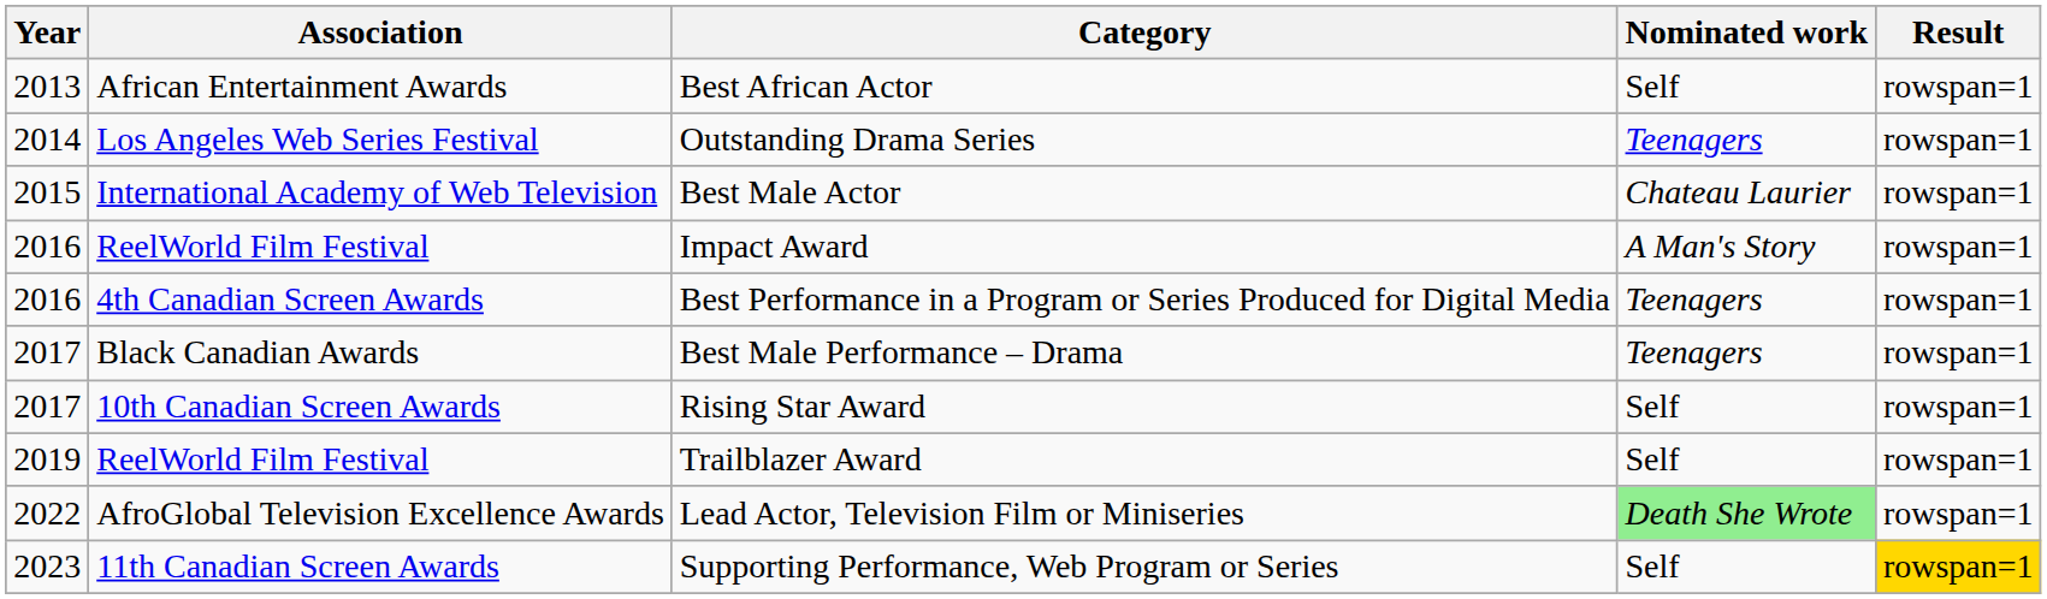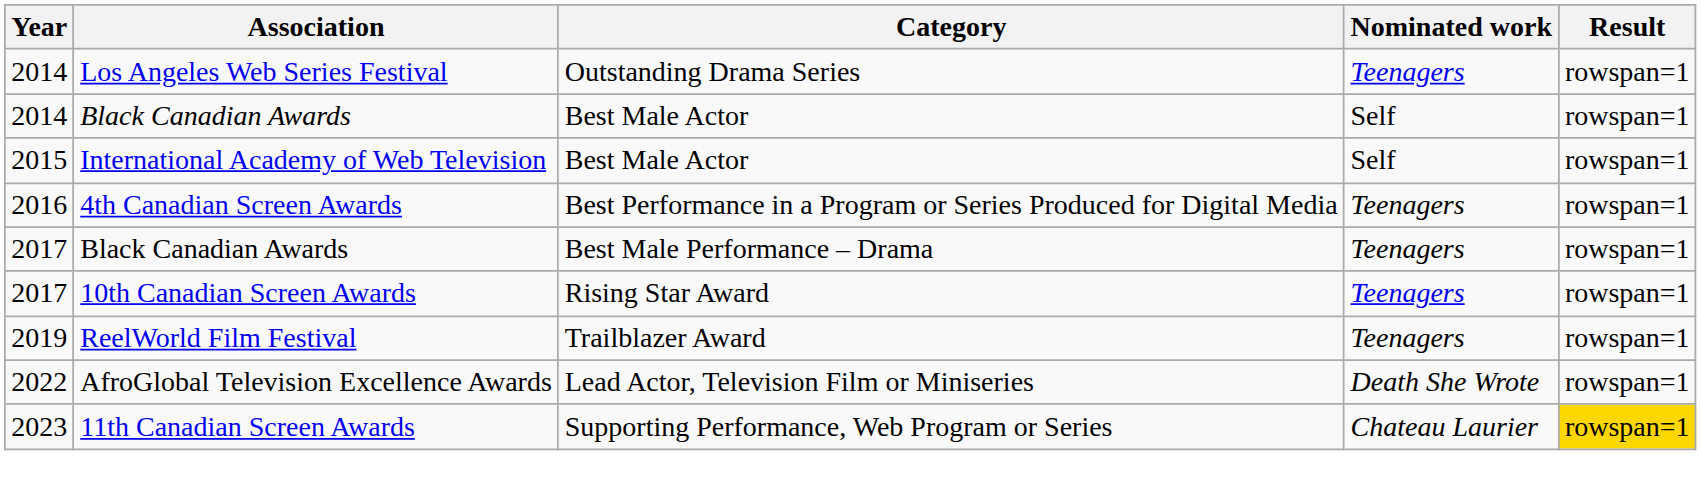 <table class="wikitable sortable">
 <tr>
 <th>Year</th>
 <th>Association</th>
 <th>Category</th>
 <th>Nominated work</th>
 <th>Result</th>
 </tr>
 <tr>
-<td>2013</td>
-<td>African Entertainment Awards</td>
-<td>Best African Actor</td>
-<td>Self</td>
-<td>rowspan=1 </td>
-</tr>
-<tr>
 <td>2014</td>
 <td><a href='#'>Los Angeles Web Series Festival</a></td>
 <td>Outstanding Drama Series</td>
 <td><em><a href='#'>Teenagers</a></em></td>
 <td>rowspan=1 </td>
 </tr>
 <tr>
+<td>2014</td>
+<td><em>Black Canadian Awards</em></td>
+<td>Best Male Actor</td>
+<td>Self</td>
+<td>rowspan=1 </td>
+</tr>
+<tr>
 <td>2015</td>
 <td><a href='#'>International Academy of Web Television</a></td>
 <td>Best Male Actor</td>
-<td><em>Chateau Laurier</em></td>
-<td>rowspan=1 </td>
-</tr>
-<tr>
-<td>2016</td>
-<td><a href='#'>ReelWorld Film Festival</a></td>
-<td>Impact Award</td>
-<td><em>A Man's Story</em></td>
+<td>Self</td>
 <td>rowspan=1 </td>
 </tr>
 <tr>
 <td>2016</td>
 <td><a href='#'>4th Canadian Screen Awards</a></td>
 <td>Best Performance in a Program or Series Produced for Digital Media</td>
 <td><em>Teenagers</em></td>
 <td>rowspan=1 </td>
 </tr>
 <tr>
 <td 2>2017</td>
 <td>Black Canadian Awards</td>
 <td>Best Male Performance – Drama</td>
 <td><em>Teenagers</em></td>
 <td>rowspan=1 </td>
 </tr>
 <tr>
 <td>2017</td>
 <td><a href='#'>10th Canadian Screen Awards</a></td>
 <td>Rising Star Award</td>
-<td>Self</td>
+<td><em><a href='#'>Teenagers</a></em></td>
 <td>rowspan=1 </td>
 </tr>
 <tr>
 <td>2019</td>
 <td><a href='#'>ReelWorld Film Festival</a></td>
 <td>Trailblazer Award</td>
-<td>Self</td>
+<td><em>Teenagers</em></td>
 <td>rowspan=1 </td>
 </tr>
 <tr>
 <td>2022</td>
 <td>AfroGlobal Television Excellence Awards</td>
 <td>Lead Actor, Television Film or Miniseries</td>
-<td style="background: lightgreen;"><em>Death She Wrote</em></td>
+<td><em>Death She Wrote</em></td>
 <td>rowspan=1 </td>
 </tr>
 <tr>
 <td>2023</td>
 <td><a href='#'>11th Canadian Screen Awards</a></td>
 <td>Supporting Performance, Web Program or Series</td>
-<td>Self</td>
+<td><em>Chateau Laurier</em></td>
 <td style="background: gold;">rowspan=1 </td>
 </tr>
 </table>
